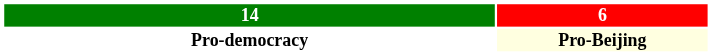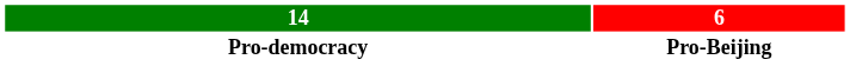 <table style="width:50%; text-align:center;">
 <tr style="color:white;">
 <td style="background:green; width:70%;"><strong>14</strong></td>
 <td style="background:red; width:30%;"><strong>6</strong></td>
 </tr>
 <tr>
 <td><span><strong>Pro-democracy</strong></span></td>
-<td style="background: lightyellow;"><span><strong>Pro-Beijing</strong></span></td>
+<td><span><strong>Pro-Beijing</strong></span></td>
 </tr>
 </table>
